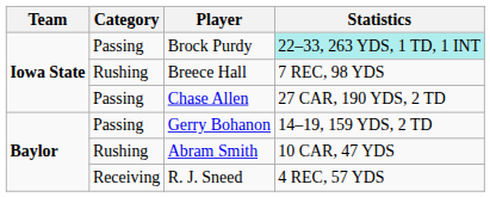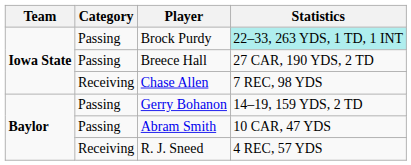 <table class="wikitable" style="float: right;">
 <tr>
 <th>Team</th>
 <th>Category</th>
 <th>Player</th>
 <th>Statistics</th>
 </tr>
 <tr>
 <td rowspan=3><strong>Iowa State</strong></td>
 <td>Passing</td>
 <td>Brock Purdy</td>
 <td style="background: paleturquoise;">22–33, 263 YDS, 1 TD, 1 INT</td>
 </tr>
 <tr>
-<td>Rushing</td>
+<td>Passing</td>
 <td>Breece Hall</td>
-<td>7 REC, 98 YDS</td>
+<td>27 CAR, 190 YDS, 2 TD</td>
 </tr>
 <tr>
-<td>Passing</td>
+<td>Receiving</td>
 <td><a href='#'>Chase Allen</a></td>
-<td>27 CAR, 190 YDS, 2 TD</td>
+<td>7 REC, 98 YDS</td>
 </tr>
 <tr>
 <td rowspan=3><strong>Baylor</strong></td>
 <td>Passing</td>
 <td><a href='#'>Gerry Bohanon</a></td>
 <td>14–19, 159 YDS, 2 TD</td>
 </tr>
 <tr>
-<td>Rushing</td>
+<td>Passing</td>
 <td><a href='#'>Abram Smith</a></td>
 <td>10 CAR, 47 YDS</td>
 </tr>
 <tr>
 <td>Receiving</td>
 <td>R. J. Sneed</td>
 <td>4 REC, 57 YDS</td>
 </tr>
 </table>
